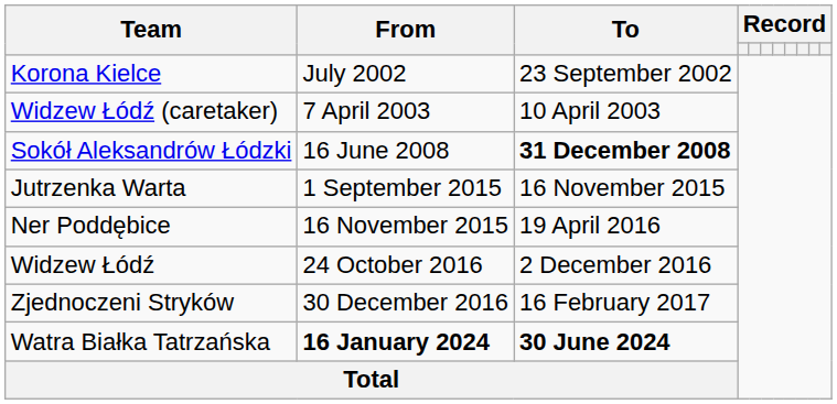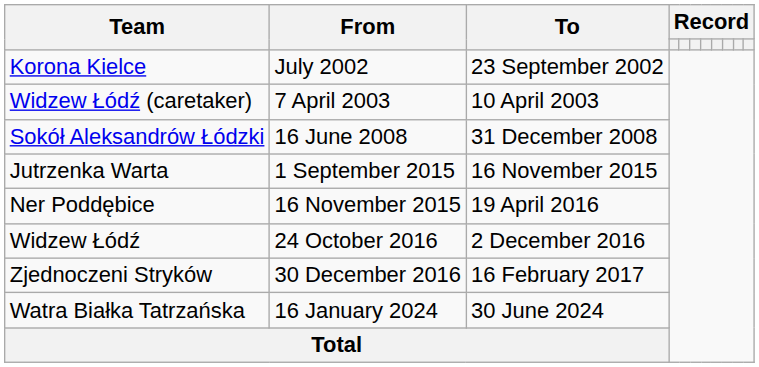 <table class="wikitable" style="text-align: center;">
 <tr>
 <th rowspan="2">Team</th>
 <th rowspan="2">From</th>
 <th rowspan="2">To</th>
 <th colspan="8">Record</th>
 </tr>
 <tr>
 <th></th>
 <th></th>
 <th></th>
 <th></th>
 <th></th>
 <th></th>
 <th></th>
 <th></th>
 </tr>
 <tr>
 <td align=left><a href='#'>Korona Kielce</a></td>
 <td align=left>July 2002</td>
 <td align=left>23 September 2002<br></td>
 </tr>
 <tr>
 <td align=left><a href='#'>Widzew Łódź</a> (caretaker)</td>
 <td align=left>7 April 2003</td>
 <td align=left>10 April 2003<br></td>
 </tr>
 <tr>
 <td align=left><a href='#'>Sokół Aleksandrów Łódzki</a></td>
 <td align=left>16 June 2008</td>
-<td align=left><strong>31 December 2008<br></strong></td>
+<td align=left>31 December 2008<br></td>
 </tr>
 <tr>
 <td align=left>Jutrzenka Warta</td>
 <td align=left>1 September 2015</td>
 <td align=left>16 November 2015<br></td>
 </tr>
 <tr>
 <td align=left>Ner Poddębice</td>
 <td align=left>16 November 2015</td>
 <td align=left>19 April 2016<br></td>
 </tr>
 <tr>
 <td align=left>Widzew Łódź</td>
 <td align=left>24 October 2016</td>
 <td align=left>2 December 2016<br></td>
 </tr>
 <tr>
 <td align=left>Zjednoczeni Stryków</td>
 <td align=left>30 December 2016</td>
 <td align=left>16 February 2017<br></td>
 </tr>
 <tr>
 <td align=left>Watra Białka Tatrzańska</td>
-<td align=left><strong>16 January 2024</strong></td>
-<td align=left><strong>30 June 2024<br></strong></td>
+<td align=left>16 January 2024</td>
+<td align=left>30 June 2024<br></td>
 </tr>
 <tr>
 <th colspan="3">Total<br></th>
 </tr>
 </table>
